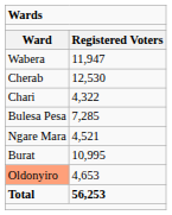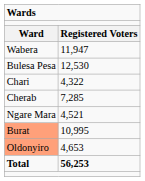 <table class="wikitable">
 <tr>
 <td colspan="2"><strong>Wards</strong></td>
 </tr>
 <tr>
 <td colspan="2"></td>
 </tr>
 <tr>
 <th>Ward</th>
 <th>Registered Voters</th>
 </tr>
 <tr>
 <td>Wabera</td>
 <td>11,947</td>
 </tr>
 <tr>
-<td>Cherab</td>
+<td>Bulesa Pesa</td>
 <td>12,530</td>
 </tr>
 <tr>
 <td>Chari</td>
 <td>4,322</td>
 </tr>
 <tr>
-<td>Bulesa Pesa</td>
+<td>Cherab</td>
 <td>7,285</td>
 </tr>
 <tr>
 <td>Ngare Mara</td>
 <td>4,521</td>
 </tr>
 <tr>
-<td>Burat</td>
+<td style="background: lightsalmon;">Burat</td>
 <td>10,995</td>
 </tr>
 <tr>
 <td style="background: lightsalmon;">Oldonyiro</td>
 <td>4,653</td>
 </tr>
 <tr>
 <td><strong>Total</strong></td>
 <td><strong>56,253</strong></td>
 </tr>
 <tr>
 <td colspan="2"></td>
 </tr>
 </table>
